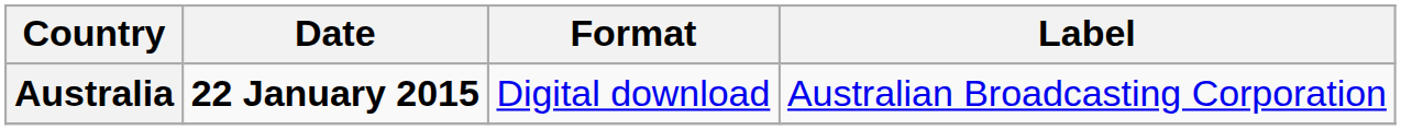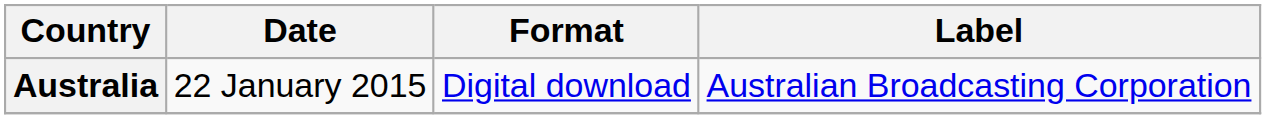 <table class="wikitable plainrowheaders">
 <tr>
 <th scope="col">Country</th>
 <th scope="col">Date</th>
 <th scope="col">Format</th>
 <th scope="col">Label</th>
 </tr>
 <tr>
 <th scope="row">Australia</th>
-<td><strong>22 January 2015</strong></td>
+<td>22 January 2015</td>
 <td><a href='#'>Digital download</a></td>
 <td><a href='#'>Australian Broadcasting Corporation</a></td>
 </tr>
 <tr>
 </tr>
 </table>
